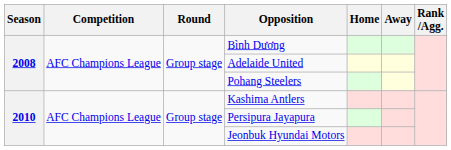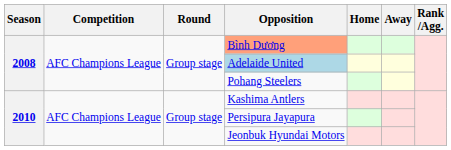 <table class="wikitable plainrowheaders">
 <tr>
 <th scope="col">Season</th>
 <th scope="col">Competition</th>
 <th scope="col">Round</th>
 <th scope="col">Opposition</th>
 <th scope="col">Home</th>
 <th scope="col">Away</th>
 <th scope="col">Rank<br>/Agg.</th>
 </tr>
 <tr>
 <th rowspan="3" scope="row" style="text-align:center"><a href='#'>2008</a></th>
 <td rowspan="3"><a href='#'>AFC Champions League</a></td>
 <td rowspan="3"><a href='#'>Group stage</a></td>
-<td> <a href='#'>Bình Dương</a></td>
+<td style="background: lightsalmon;"> <a href='#'>Bình Dương</a></td>
 <td style="background:#dfd;"></td>
 <td style="background:#dfd;"></td>
 <td rowspan="3" style="background:#fdd;"></td>
 </tr>
 <tr>
-<td> <a href='#'>Adelaide United</a></td>
+<td style="background: lightblue;"> <a href='#'>Adelaide United</a></td>
 <td style="background:#ffd;"></td>
 <td style="background:#ffd;"></td>
 </tr>
 <tr>
 <td> <a href='#'>Pohang Steelers</a></td>
 <td style="background:#dfd;"></td>
 <td style="background:#ffd;"></td>
 </tr>
 <tr>
 <th rowspan="3" scope="row" style="text-align:center"><a href='#'>2010</a></th>
 <td rowspan="3"><a href='#'>AFC Champions League</a></td>
 <td rowspan="3"><a href='#'>Group stage</a></td>
 <td> <a href='#'>Kashima Antlers</a></td>
 <td style="background:#fdd;"></td>
 <td style="background:#fdd;"></td>
 <td rowspan="3" style="background:#fdd;"></td>
 </tr>
 <tr>
 <td> <a href='#'>Persipura Jayapura</a></td>
 <td style="background:#dfd;"></td>
 <td style="background:#fdd;"></td>
 </tr>
 <tr>
 <td> <a href='#'>Jeonbuk Hyundai Motors</a></td>
 <td style="background:#fdd;"></td>
 <td style="background:#fdd;"></td>
 </tr>
 </table>
